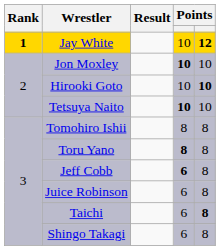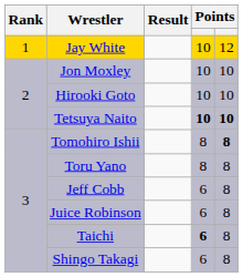 <table class="wikitable mw-collapsible mw-collapsed" plainrowheaders sortable" style="text-align: center">
 <tr>
 <th scope="col" rowspan="2">Rank</th>
 <th scope="col" rowspan="2">Wrestler</th>
 <th scope="col" rowspan="2">Result</th>
 <th scope="col" colspan="2">Points</th>
 </tr>
 <tr>
 <th></th>
 <th></th>
 </tr>
 <tr>
-<td style="background: gold"><strong>1</strong></td>
+<td style="background: gold">1</td>
 <td style="background: gold"><a href='#'>Jay White</a></td>
 <td></td>
 <td style="background: gold">10</td>
-<td style="background: gold"><strong>12</strong></td>
+<td style="background: gold">12</td>
 </tr>
 <tr>
 <td style="background: #BBBBCC;" rowspan=3>2</td>
 <td style="background: #BBBBCC;"><a href='#'>Jon Moxley</a></td>
 <td></td>
-<td style="background: #BBBBCC;"><strong>10</strong></td>
+<td style="background: #BBBBCC;">10</td>
 <td style="background: #BBBBCC;">10</td>
 </tr>
 <tr>
 <td style="background: #BBBBCC;"><a href='#'>Hirooki Goto</a></td>
 <td></td>
 <td style="background: #BBBBCC;">10</td>
-<td style="background: #BBBBCC;"><strong>10</strong></td>
+<td style="background: #BBBBCC;">10</td>
 </tr>
 <tr>
 <td style="background: #BBBBCC;"><a href='#'>Tetsuya Naito</a></td>
 <td></td>
 <td style="background: #BBBBCC;"><strong>10</strong></td>
-<td style="background: #BBBBCC;">10</td>
+<td style="background: #BBBBCC;"><strong>10</strong></td>
 </tr>
 <tr>
 <td style="background: #BBBBCC;" rowspan=6>3</td>
 <td style="background: #BBBBCC;"><a href='#'>Tomohiro Ishii</a></td>
 <td></td>
 <td style="background: #BBBBCC;">8</td>
-<td style="background: #BBBBCC;">8</td>
+<td style="background: #BBBBCC;"><strong>8</strong></td>
 </tr>
 <tr>
 <td style="background: #BBBBCC;"><a href='#'>Toru Yano</a></td>
 <td></td>
-<td style="background: #BBBBCC;"><strong>8</strong></td>
+<td style="background: #BBBBCC;">8</td>
 <td style="background: #BBBBCC;">8</td>
 </tr>
 <tr>
 <td style="background: #BBBBCC;"><a href='#'>Jeff Cobb</a></td>
 <td></td>
-<td style="background: #BBBBCC;"><strong>6</strong></td>
+<td style="background: #BBBBCC;">6</td>
 <td style="background: #BBBBCC;">8</td>
 </tr>
 <tr>
 <td style="background: #BBBBCC;"><a href='#'>Juice Robinson</a></td>
 <td></td>
 <td style="background: #BBBBCC;">6</td>
 <td style="background: #BBBBCC;">8</td>
 </tr>
 <tr>
 <td style="background: #BBBBCC;"><a href='#'>Taichi</a></td>
 <td></td>
-<td style="background: #BBBBCC;">6</td>
-<td style="background: #BBBBCC;"><strong>8</strong></td>
+<td style="background: #BBBBCC;"><strong>6</strong></td>
+<td style="background: #BBBBCC;">8</td>
 </tr>
 <tr>
 <td style="background: #BBBBCC;"><a href='#'>Shingo Takagi</a></td>
 <td></td>
 <td style="background: #BBBBCC;">6</td>
 <td style="background: #BBBBCC;">8</td>
 </tr>
 </table>
